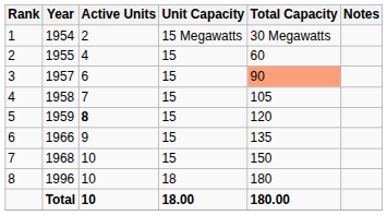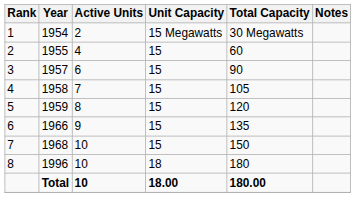 <table class="wikitable sortable" style="margin: 0.5em auto">
 <tr>
 <th>Rank</th>
 <th>Year</th>
 <th>Active Units</th>
 <th>Unit Capacity</th>
 <th>Total Capacity</th>
 <th>Notes</th>
 </tr>
 <tr>
 <td>1</td>
 <td>1954</td>
 <td>2</td>
 <td>15 Megawatts</td>
 <td>30 Megawatts</td>
 <td></td>
 </tr>
 <tr>
 <td>2</td>
 <td>1955</td>
 <td>4</td>
 <td>15</td>
 <td>60</td>
 <td></td>
 </tr>
 <tr>
 <td>3</td>
 <td>1957</td>
 <td>6</td>
 <td>15</td>
-<td style="background: lightsalmon;">90</td>
+<td>90</td>
 <td></td>
 </tr>
 <tr>
 <td>4</td>
 <td>1958</td>
 <td>7</td>
 <td>15</td>
 <td>105</td>
 <td></td>
 </tr>
 <tr>
 <td>5</td>
 <td>1959</td>
-<td><strong>8</strong></td>
+<td>8</td>
 <td>15</td>
 <td>120</td>
 <td></td>
 </tr>
 <tr>
 <td>6</td>
 <td>1966</td>
 <td>9</td>
 <td>15</td>
 <td>135</td>
 <td></td>
 </tr>
 <tr>
 <td>7</td>
 <td>1968</td>
 <td>10</td>
 <td>15</td>
 <td>150</td>
 <td></td>
 </tr>
 <tr>
 <td>8</td>
 <td>1996</td>
 <td>10</td>
 <td>18</td>
 <td>180</td>
 <td></td>
 </tr>
 <tr>
 <td></td>
 <td><strong>Total</strong></td>
 <td><strong>10</strong></td>
 <td><strong>18.00</strong></td>
 <td><strong>180.00</strong></td>
 <td></td>
 </tr>
 <tr>
 </tr>
 </table>
